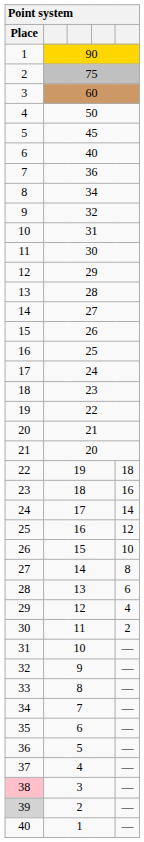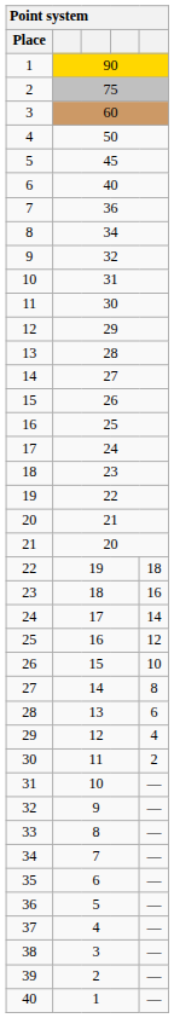 <table class="wikitable collapsible collapsed" style="font-size:80%; text-align:center; float: right; width: 108pt; margin: 1em 0 1em 1em;">
 <tr>
 <th colspan="5" style="white-space:nowrap; text-align:left;">Point system   </th>
 </tr>
 <tr>
 <th style="width: 20pt;">Place</th>
 <th style="width: 12pt;"><small></small></th>
 <th style="width: 12pt;"><small></small></th>
 <th style="width: 12pt;"><small></small></th>
 <th style="width: 12pt;"><small></small></th>
 </tr>
 <tr>
 <td>1</td>
 <td colspan="4" bgcolor="gold">90</td>
 </tr>
 <tr>
 <td>2</td>
 <td colspan="4" bgcolor="silver">75</td>
 </tr>
 <tr>
 <td>3</td>
 <td colspan="4" bgcolor="cc9966">60</td>
 </tr>
 <tr>
 <td>4</td>
 <td colspan="4">50</td>
 </tr>
 <tr>
 <td>5</td>
 <td colspan="4">45</td>
 </tr>
 <tr>
 <td>6</td>
 <td colspan="4">40</td>
 </tr>
 <tr>
 <td>7</td>
 <td colspan="4">36</td>
 </tr>
 <tr>
 <td>8</td>
 <td colspan="4">34</td>
 </tr>
 <tr>
 <td>9</td>
 <td colspan="4">32</td>
 </tr>
 <tr>
 <td>10</td>
 <td colspan="4">31</td>
 </tr>
 <tr>
 <td>11</td>
 <td colspan="4">30</td>
 </tr>
 <tr>
 <td>12</td>
 <td colspan="4">29</td>
 </tr>
 <tr>
 <td>13</td>
 <td colspan="4">28</td>
 </tr>
 <tr>
 <td>14</td>
 <td colspan="4">27</td>
 </tr>
 <tr>
 <td>15</td>
 <td colspan="4">26</td>
 </tr>
 <tr>
 <td>16</td>
 <td colspan="4">25</td>
 </tr>
 <tr>
 <td>17</td>
 <td colspan="4">24</td>
 </tr>
 <tr>
 <td>18</td>
 <td colspan="4">23</td>
 </tr>
 <tr>
 <td>19</td>
 <td colspan="4">22</td>
 </tr>
 <tr>
 <td>20</td>
 <td colspan="4">21</td>
 </tr>
 <tr>
 <td>21</td>
 <td colspan="4">20</td>
 </tr>
 <tr>
 <td>22</td>
 <td colspan="3">19</td>
 <td>18</td>
 </tr>
 <tr>
 <td>23</td>
 <td colspan="3">18</td>
 <td>16</td>
 </tr>
 <tr>
 <td>24</td>
 <td colspan="3">17</td>
 <td>14</td>
 </tr>
 <tr>
 <td>25</td>
 <td colspan="3">16</td>
 <td>12</td>
 </tr>
 <tr>
 <td>26</td>
 <td colspan="3">15</td>
 <td>10</td>
 </tr>
 <tr>
 <td>27</td>
 <td colspan="3">14</td>
 <td>8</td>
 </tr>
 <tr>
 <td>28</td>
 <td colspan="3">13</td>
 <td>6</td>
 </tr>
 <tr>
 <td>29</td>
 <td colspan="3">12</td>
 <td>4</td>
 </tr>
 <tr>
 <td>30</td>
 <td colspan="3">11</td>
 <td>2</td>
 </tr>
 <tr>
 <td>31</td>
 <td colspan="3">10</td>
 <td>—</td>
 </tr>
 <tr>
 <td>32</td>
 <td colspan="3">9</td>
 <td>—</td>
 </tr>
 <tr>
 <td>33</td>
 <td colspan="3">8</td>
 <td>—</td>
 </tr>
 <tr>
 <td>34</td>
 <td colspan="3">7</td>
 <td>—</td>
 </tr>
 <tr>
 <td>35</td>
 <td colspan="3">6</td>
 <td>—</td>
 </tr>
 <tr>
 <td>36</td>
 <td colspan="3">5</td>
 <td>—</td>
 </tr>
 <tr>
 <td>37</td>
 <td colspan="3">4</td>
 <td>—</td>
 </tr>
 <tr>
-<td style="background: pink;">38</td>
+<td>38</td>
 <td colspan="3">3</td>
 <td>—</td>
 </tr>
 <tr>
-<td style="background: lightgrey;">39</td>
+<td>39</td>
 <td colspan="3">2</td>
 <td>—</td>
 </tr>
 <tr>
 <td>40</td>
 <td colspan="3">1</td>
 <td>—</td>
 </tr>
 </table>
